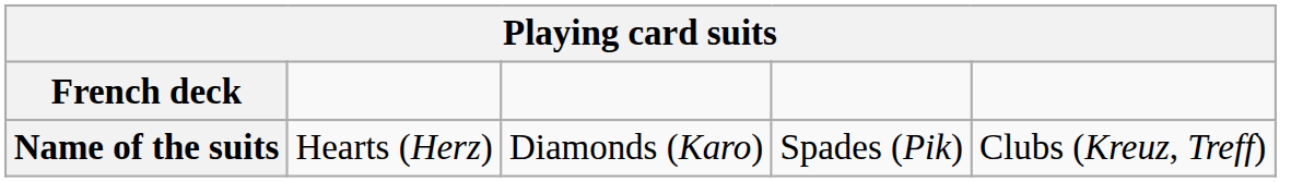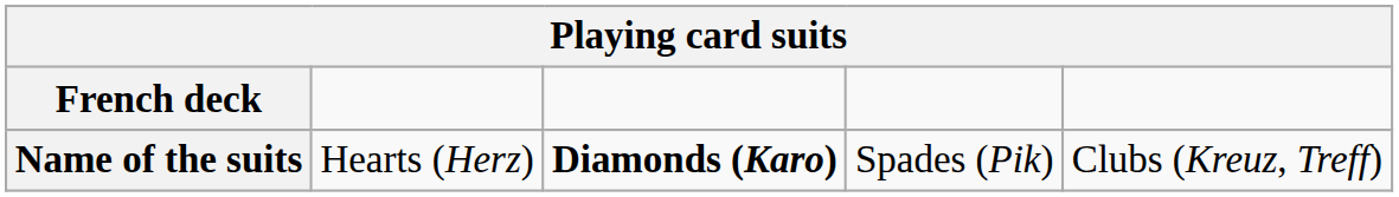 <table class="wikitable">
 <tr>
 <th colspan="5">Playing card suits</th>
 </tr>
 <tr>
 <th>French deck</th>
 <td></td>
 <td></td>
 <td></td>
 <td></td>
 </tr>
 <tr>
 <th>Name of the suits</th>
 <td>Hearts (<em>Herz</em>)</td>
-<td>Diamonds (<em>Karo</em>)</td>
+<td><strong>Diamonds (<em>Karo</em>)</strong></td>
 <td>Spades (<em>Pik</em>)</td>
 <td>Clubs (<em>Kreuz</em>, <em>Treff</em>)</td>
 </tr>
 </table>
